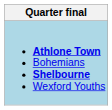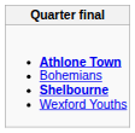 <table class="wikitable">
 <tr>
 <th>Quarter final</th>
 </tr>
 <tr>
-<td valign="top" style="background: lightblue;"><br><ul><li><strong><a href='#'>Athlone Town</a></strong></li><li><a href='#'>Bohemians</a></li><li><strong><a href='#'>Shelbourne</a></strong></li><li><a href='#'>Wexford Youths</a></li></ul></td>
+<td valign="top"><br><ul><li><strong><a href='#'>Athlone Town</a></strong></li><li><a href='#'>Bohemians</a></li><li><strong><a href='#'>Shelbourne</a></strong></li><li><a href='#'>Wexford Youths</a></li></ul></td>
 </tr>
 </table>
